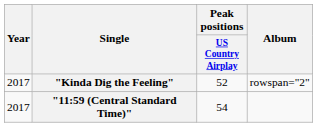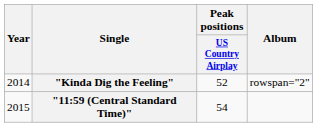 <table class="wikitable plainrowheaders" style="text-align:center;">
 <tr>
 <th rowspan="2">Year</th>
 <th rowspan="2" style="width:14em;">Single</th>
 <th>Peak positions</th>
 <th rowspan="2">Album</th>
 </tr>
 <tr style="font-size:smaller;">
 <th width="65"><a href='#'>US Country Airplay</a><br></th>
 </tr>
 <tr>
-<td>2017</td>
+<td>2014</td>
 <th scope="row">"Kinda Dig the Feeling"</th>
 <td>52</td>
 <td>rowspan="2" </td>
 </tr>
 <tr>
-<td>2017</td>
+<td>2015</td>
 <th scope="row">"11:59 (Central Standard Time)"</th>
 <td>54<br></td>
 </tr>
 </table>
